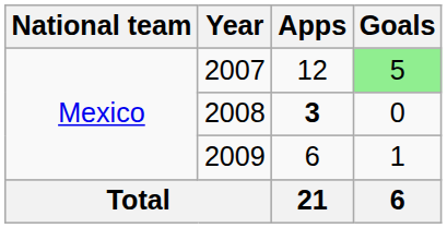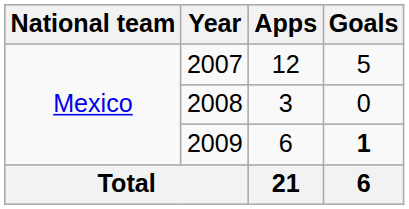 <table class="wikitable" style="text-align: center;">
 <tr>
 <th>National team</th>
 <th>Year</th>
 <th>Apps</th>
 <th>Goals</th>
 </tr>
 <tr>
 <td rowspan="3" valign="center"><a href='#'>Mexico</a></td>
 <td>2007</td>
 <td>12</td>
-<td style="background: lightgreen;">5</td>
+<td>5</td>
 </tr>
 <tr>
 <td>2008</td>
-<td><strong>3</strong></td>
+<td>3</td>
 <td>0</td>
 </tr>
 <tr>
 <td>2009</td>
 <td>6</td>
-<td>1</td>
+<td><strong>1</strong></td>
 </tr>
 <tr>
 <th colspan="2">Total</th>
 <th>21</th>
 <th>6</th>
 </tr>
 </table>
